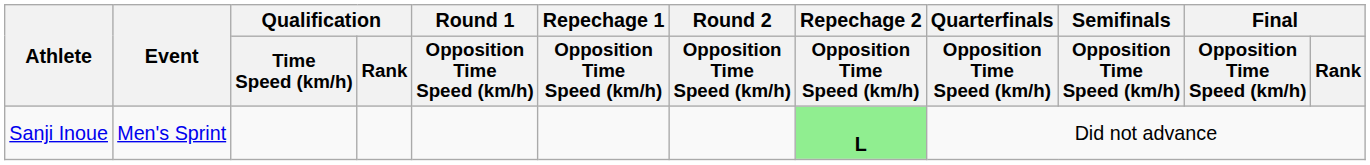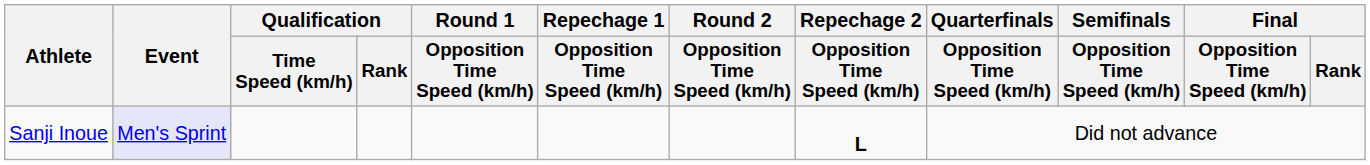 <table class="wikitable" style="font-size:90%">
 <tr>
 <th rowspan=2>Athlete</th>
 <th rowspan=2>Event</th>
 <th colspan=2>Qualification</th>
 <th>Round 1</th>
 <th>Repechage 1</th>
 <th>Round 2</th>
 <th>Repechage 2</th>
 <th>Quarterfinals</th>
 <th>Semifinals</th>
 <th colspan=2>Final</th>
 </tr>
 <tr style="font-size:95%">
 <th>Time<br>Speed (km/h)</th>
 <th>Rank</th>
 <th>Opposition<br>Time<br>Speed (km/h)</th>
 <th>Opposition<br>Time<br>Speed (km/h)</th>
 <th>Opposition<br>Time<br>Speed (km/h)</th>
 <th>Opposition<br>Time<br>Speed (km/h)</th>
 <th>Opposition<br>Time<br>Speed (km/h)</th>
 <th>Opposition<br>Time<br>Speed (km/h)</th>
 <th>Opposition<br>Time<br>Speed (km/h)</th>
 <th>Rank</th>
 </tr>
 <tr align=center>
 <td><a href='#'>Sanji Inoue</a></td>
-<td><a href='#'>Men's Sprint</a></td>
+<td style="background: lavender;"><a href='#'>Men's Sprint</a></td>
 <td></td>
 <td></td>
 <td></td>
 <td></td>
 <td></td>
-<td style="background: lightgreen;"><br><strong>L</strong></td>
+<td><br><strong>L</strong></td>
 <td colspan=4>Did not advance</td>
 </tr>
 </table>
